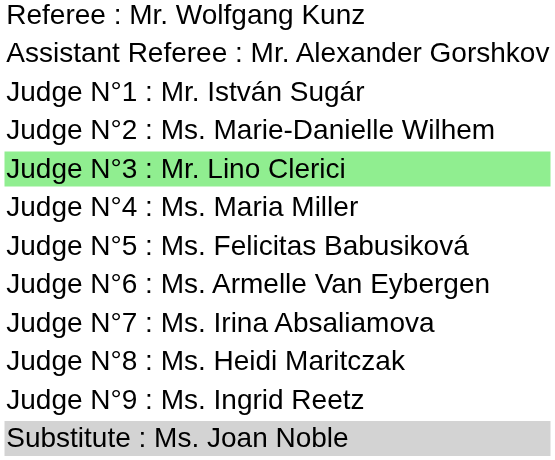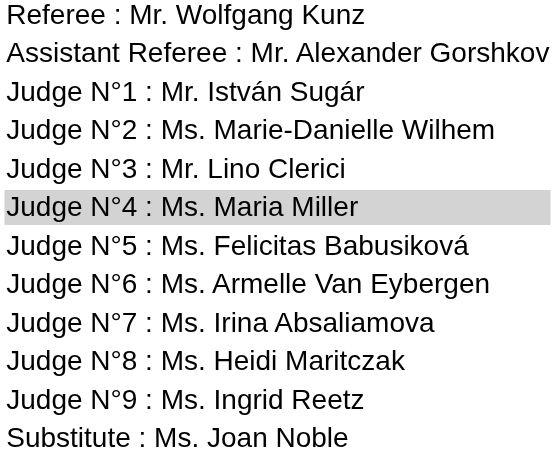 <table>
 <tr>
 <td>Referee : Mr. Wolfgang Kunz</td>
 </tr>
 <tr>
 <td>Assistant Referee : Mr. Alexander Gorshkov</td>
 </tr>
 <tr>
 <td>Judge N°1 : Mr. István Sugár </td>
 </tr>
 <tr>
 <td>Judge N°2 : Ms. Marie-Danielle Wilhem </td>
 </tr>
 <tr>
-<td style="background: lightgreen;">Judge N°3 : Mr. Lino Clerici </td>
+<td>Judge N°3 : Mr. Lino Clerici </td>
 </tr>
 <tr>
-<td>Judge N°4 : Ms. Maria Miller </td>
+<td style="background: lightgrey;">Judge N°4 : Ms. Maria Miller </td>
 </tr>
 <tr>
 <td>Judge N°5 : Ms. Felicitas Babusiková </td>
 </tr>
 <tr>
 <td>Judge N°6 : Ms. Armelle Van Eybergen </td>
 </tr>
 <tr>
 <td>Judge N°7 : Ms. Irina Absaliamova </td>
 </tr>
 <tr>
 <td>Judge N°8 : Ms. Heidi Maritczak </td>
 </tr>
 <tr>
 <td>Judge N°9 : Ms. Ingrid Reetz </td>
 </tr>
 <tr>
-<td style="background: lightgrey;">Substitute : Ms. Joan Noble </td>
+<td>Substitute : Ms. Joan Noble </td>
 </tr>
 </table>
